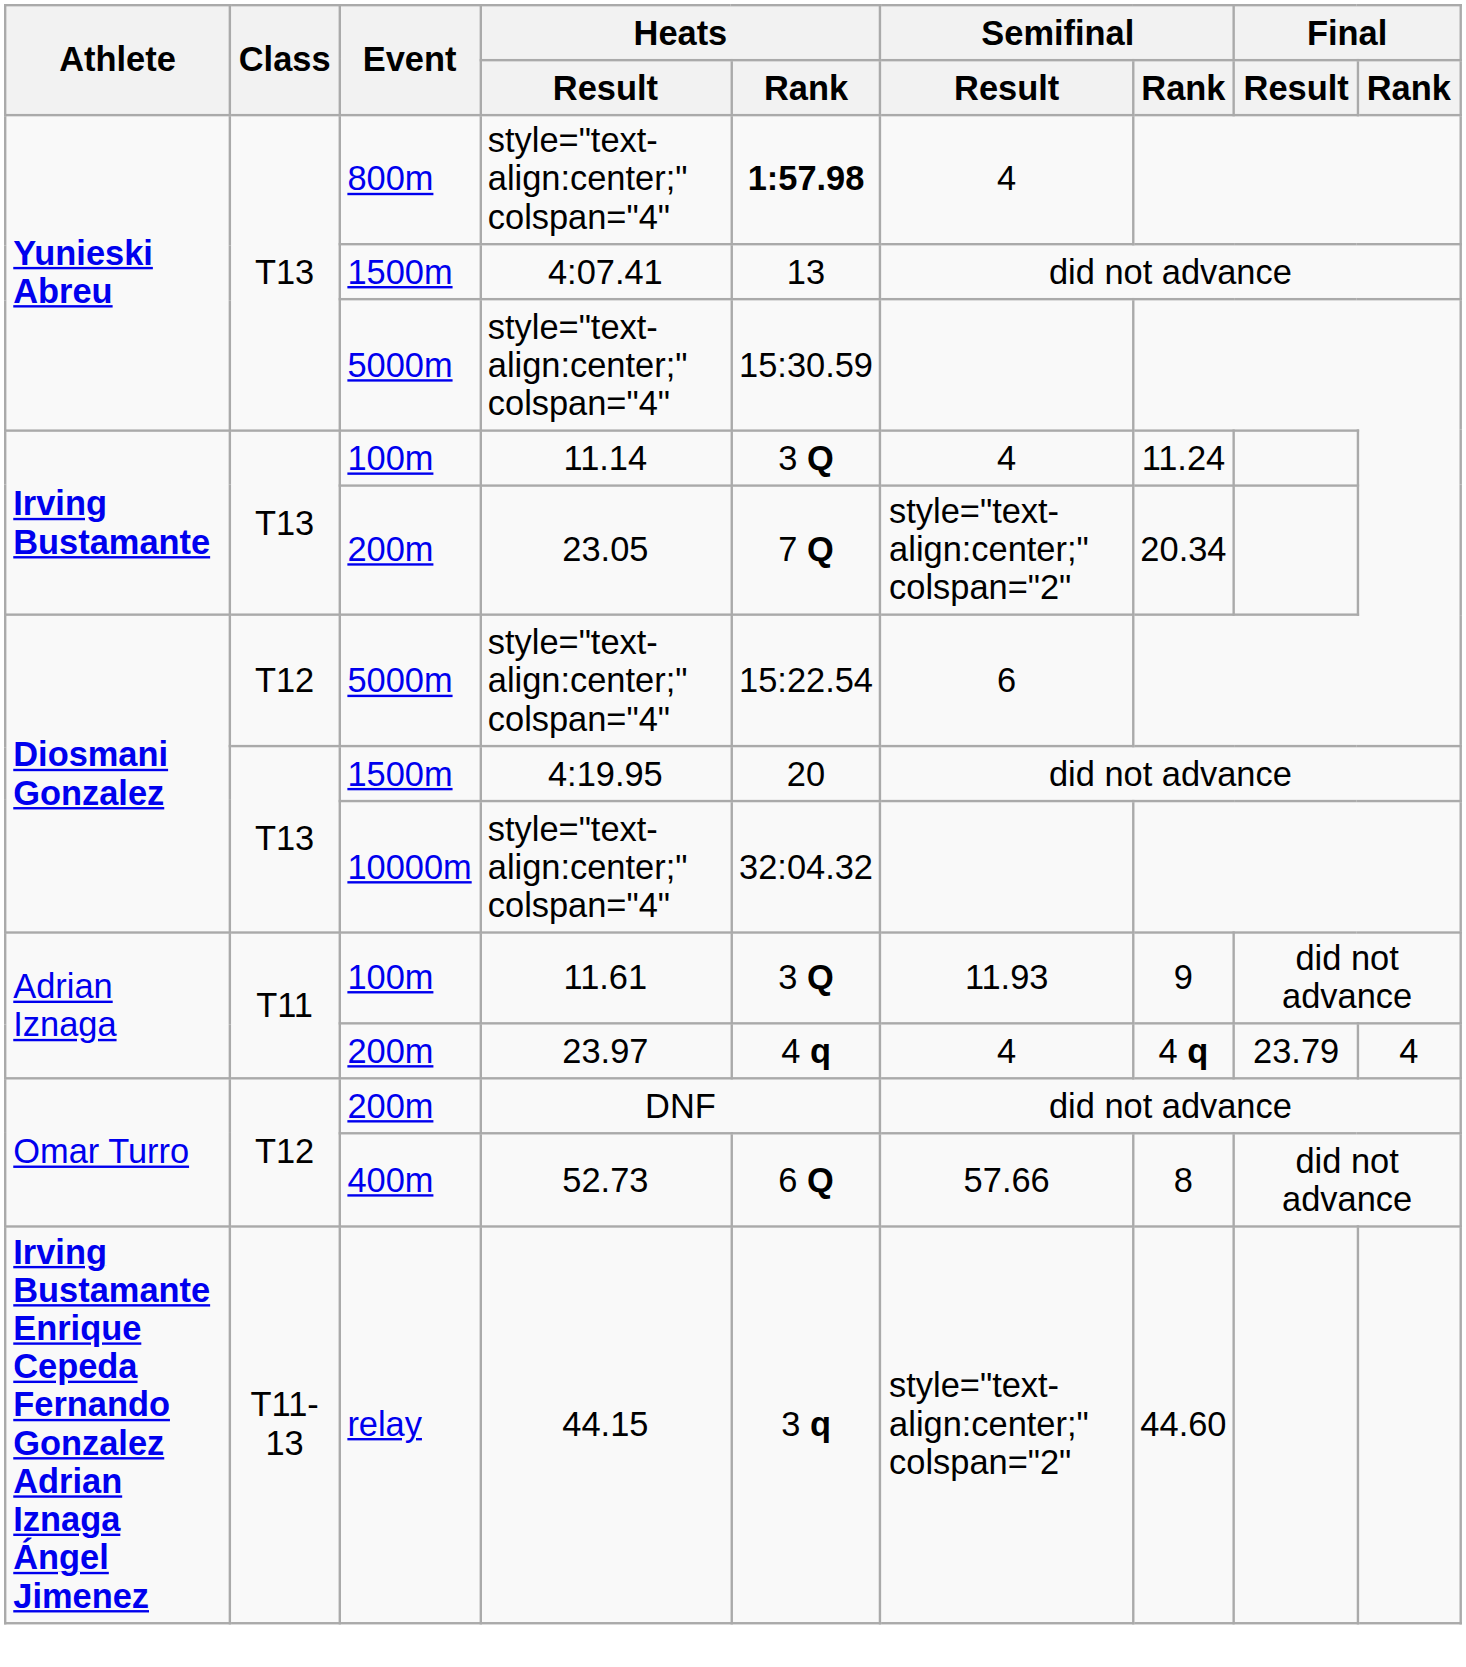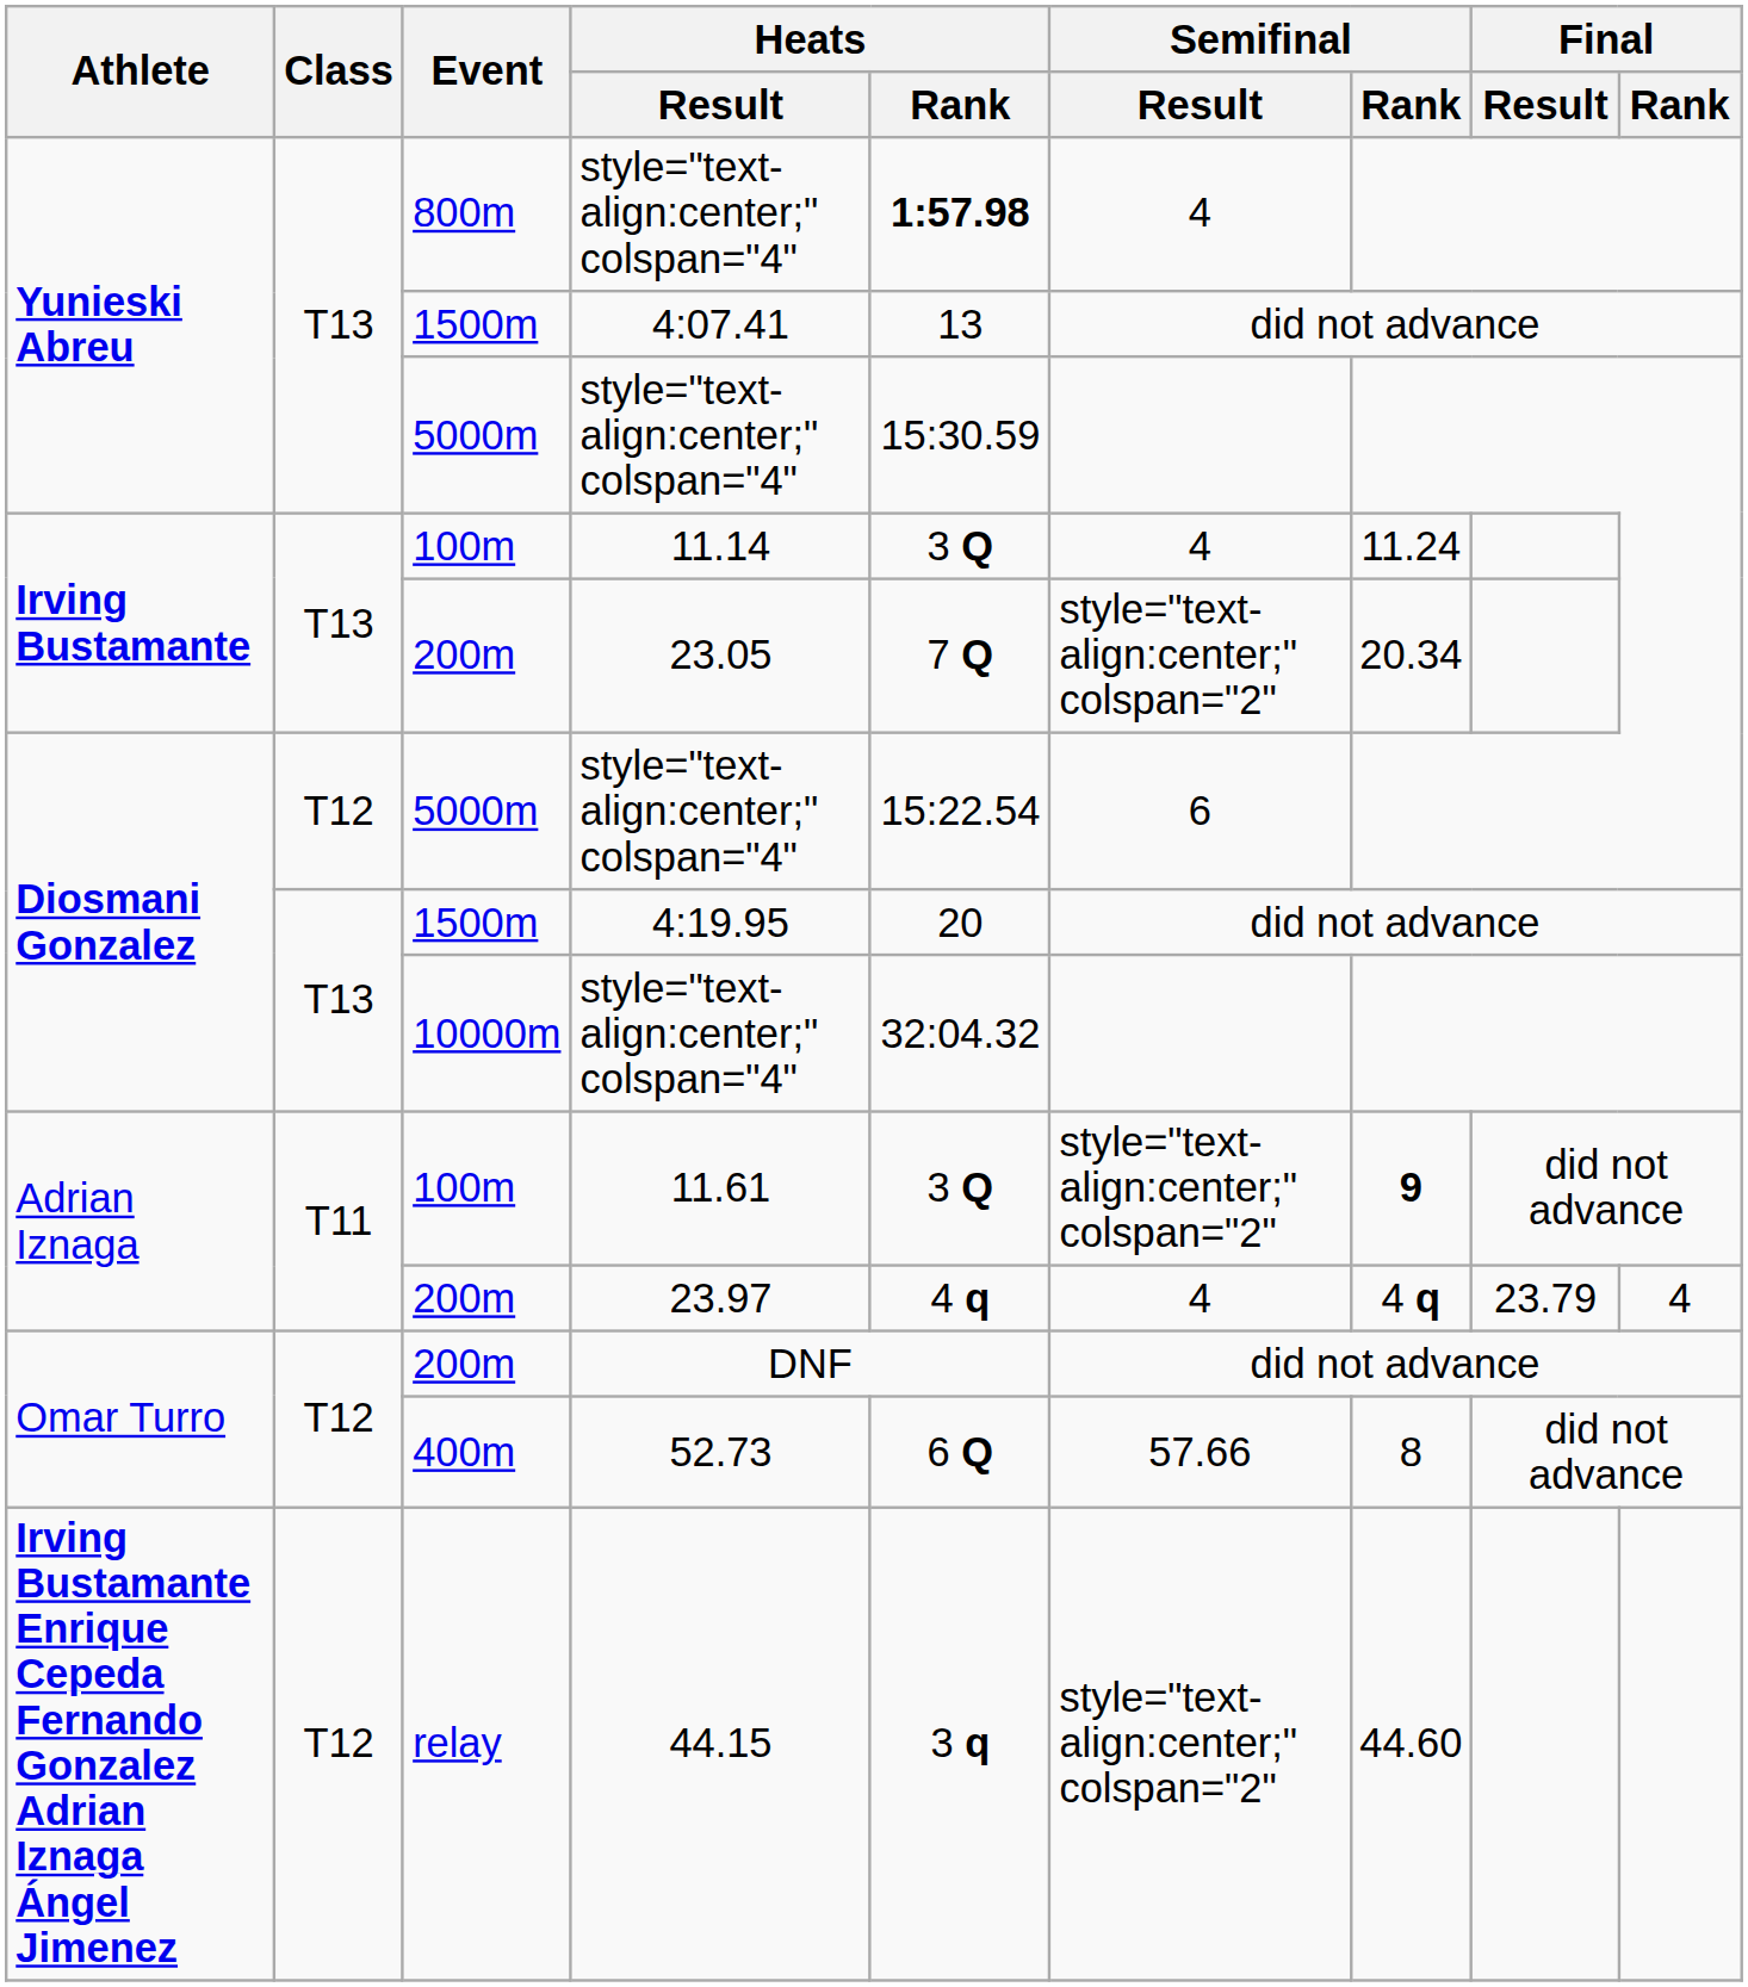 <table class=wikitable style="font-size:90%">
 <tr>
 <th rowspan="2">Athlete</th>
 <th rowspan="2">Class</th>
 <th rowspan="2">Event</th>
 <th colspan="2">Heats</th>
 <th colspan="2">Semifinal</th>
 <th colspan="2">Final</th>
 </tr>
 <tr>
 <th>Result</th>
 <th>Rank</th>
 <th>Result</th>
 <th>Rank</th>
 <th>Result</th>
 <th>Rank</th>
 </tr>
 <tr>
 <td rowspan="3"><strong><a href='#'>Yunieski Abreu</a></strong></td>
 <td rowspan="3" style="text-align:center;">T13</td>
 <td><a href='#'>800m</a></td>
 <td>style="text-align:center;" colspan="4" </td>
 <td style="text-align:center;"><strong>1:57.98</strong></td>
 <td style="text-align:center;">4</td>
 </tr>
 <tr>
 <td><a href='#'>1500m</a></td>
 <td style="text-align:center;">4:07.41</td>
 <td style="text-align:center;">13</td>
 <td style="text-align:center;" colspan="4">did not advance</td>
 </tr>
 <tr>
 <td><a href='#'>5000m</a></td>
 <td>style="text-align:center;" colspan="4" </td>
 <td style="text-align:center;">15:30.59</td>
 <td style="text-align:center;"></td>
 </tr>
 <tr>
 <td rowspan="2"><strong><a href='#'>Irving Bustamante</a></strong></td>
 <td rowspan="2" style="text-align:center;">T13</td>
 <td><a href='#'>100m</a></td>
 <td style="text-align:center;">11.14</td>
 <td style="text-align:center;">3 <strong>Q</strong></td>
 <td style="text-align:center;">4</td>
 <td style="text-align:center;">11.24</td>
 <td style="text-align:center;"></td>
 </tr>
 <tr>
 <td><a href='#'>200m</a></td>
 <td style="text-align:center;">23.05</td>
 <td style="text-align:center;">7 <strong>Q</strong></td>
 <td>style="text-align:center;" colspan="2" </td>
 <td style="text-align:center;">20.34</td>
 <td style="text-align:center;"></td>
 </tr>
 <tr>
 <td rowspan="3"><strong><a href='#'>Diosmani Gonzalez</a></strong></td>
 <td style="text-align:center;">T12</td>
 <td><a href='#'>5000m</a></td>
 <td>style="text-align:center;" colspan="4" </td>
 <td style="text-align:center;">15:22.54</td>
 <td style="text-align:center;">6</td>
 </tr>
 <tr>
 <td rowspan="2" style="text-align:center;">T13</td>
 <td><a href='#'>1500m</a></td>
 <td style="text-align:center;">4:19.95</td>
 <td style="text-align:center;">20</td>
 <td style="text-align:center;" colspan="4">did not advance</td>
 </tr>
 <tr>
 <td><a href='#'>10000m</a></td>
 <td>style="text-align:center;" colspan="4" </td>
 <td style="text-align:center;">32:04.32</td>
 <td style="text-align:center;"></td>
 </tr>
 <tr>
 <td rowspan="2"><a href='#'>Adrian Iznaga</a></td>
 <td rowspan="2" style="text-align:center;">T11</td>
 <td><a href='#'>100m</a></td>
 <td style="text-align:center;">11.61</td>
 <td style="text-align:center;">3 <strong>Q</strong></td>
-<td style="text-align:center;">11.93</td>
-<td style="text-align:center;">9</td>
+<td>style="text-align:center;" colspan="2" </td>
+<td style="text-align:center;"><strong>9</strong></td>
 <td style="text-align:center;" colspan="2">did not advance</td>
 </tr>
 <tr>
 <td><a href='#'>200m</a></td>
 <td style="text-align:center;">23.97</td>
 <td style="text-align:center;">4 <strong>q</strong></td>
 <td style="text-align:center;">4</td>
 <td style="text-align:center;">4 <strong>q</strong></td>
 <td style="text-align:center;">23.79</td>
 <td style="text-align:center;">4</td>
 </tr>
 <tr>
 <td rowspan="2"><a href='#'>Omar Turro</a></td>
 <td rowspan="2" style="text-align:center;">T12</td>
 <td><a href='#'>200m</a></td>
 <td style="text-align:center;" colspan="2">DNF</td>
 <td style="text-align:center;" colspan="4">did not advance</td>
 </tr>
 <tr>
 <td><a href='#'>400m</a></td>
 <td style="text-align:center;">52.73</td>
 <td style="text-align:center;">6 <strong>Q</strong></td>
 <td style="text-align:center;">57.66</td>
 <td style="text-align:center;">8</td>
 <td style="text-align:center;" colspan="2">did not advance</td>
 </tr>
 <tr>
 <td><strong><a href='#'>Irving Bustamante</a></strong><br> <strong><a href='#'>Enrique Cepeda</a></strong><br> <strong><a href='#'>Fernando Gonzalez</a></strong><br> <strong><a href='#'>Adrian Iznaga</a></strong><br> <strong><a href='#'>Ángel Jimenez</a></strong></td>
-<td style="text-align:center;">T11-13</td>
+<td style="text-align:center;">T12</td>
 <td><a href='#'> relay</a></td>
 <td style="text-align:center;">44.15</td>
 <td style="text-align:center;">3 <strong>q</strong></td>
 <td>style="text-align:center;" colspan="2" </td>
 <td style="text-align:center;">44.60</td>
 <td style="text-align:center;"></td>
 </tr>
 </table>
